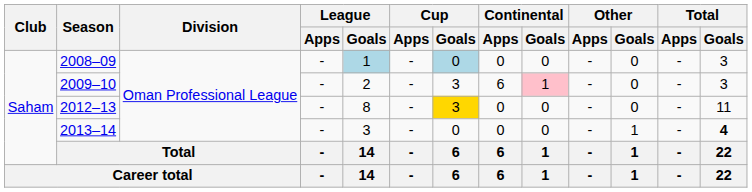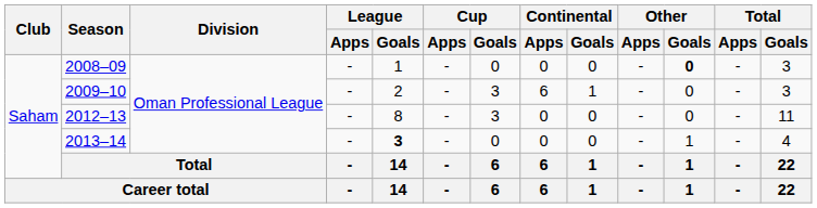 <table class="wikitable" style="text-align: center;">
 <tr>
 <th rowspan="2">Club</th>
 <th rowspan="2">Season</th>
 <th rowspan="2">Division</th>
 <th colspan="2">League</th>
 <th colspan="2">Cup</th>
 <th colspan="2">Continental</th>
 <th colspan="2">Other</th>
 <th colspan="2">Total</th>
 </tr>
 <tr>
 <th>Apps</th>
 <th>Goals</th>
 <th>Apps</th>
 <th>Goals</th>
 <th>Apps</th>
 <th>Goals</th>
 <th>Apps</th>
 <th>Goals</th>
 <th>Apps</th>
 <th>Goals</th>
 </tr>
 <tr>
 <td rowspan="5"><a href='#'>Saham</a></td>
 <td><a href='#'>2008–09</a></td>
 <td rowspan="4"><a href='#'>Oman Professional League</a></td>
 <td>-</td>
-<td style="background: lightblue;">1</td>
+<td>1</td>
 <td>-</td>
-<td style="background: lightblue;">0</td>
+<td>0</td>
 <td>0</td>
 <td>0</td>
 <td>-</td>
-<td>0</td>
+<td><strong>0</strong></td>
 <td>-</td>
 <td>3</td>
 </tr>
 <tr>
 <td><a href='#'>2009–10</a></td>
 <td>-</td>
 <td>2</td>
 <td>-</td>
 <td>3</td>
 <td>6</td>
-<td style="background: pink;">1</td>
+<td>1</td>
 <td>-</td>
 <td>0</td>
 <td>-</td>
 <td>3</td>
 </tr>
 <tr>
 <td><a href='#'>2012–13</a></td>
 <td>-</td>
 <td>8</td>
 <td>-</td>
-<td style="background: gold;">3</td>
+<td>3</td>
 <td>0</td>
 <td>0</td>
 <td>-</td>
 <td>0</td>
 <td>-</td>
 <td>11</td>
 </tr>
 <tr>
 <td><a href='#'>2013–14</a></td>
 <td>-</td>
-<td>3</td>
+<td><strong>3</strong></td>
 <td>-</td>
 <td>0</td>
 <td>0</td>
 <td>0</td>
 <td>-</td>
 <td>1</td>
 <td>-</td>
-<td><strong>4</strong></td>
+<td>4</td>
 </tr>
 <tr>
 <th colspan="2">Total</th>
 <th>-</th>
 <th>14</th>
 <th>-</th>
 <th>6</th>
 <th>6</th>
 <th>1</th>
 <th>-</th>
 <th>1</th>
 <th>-</th>
 <th>22</th>
 </tr>
 <tr>
 <th colspan="3">Career total</th>
 <th>-</th>
 <th>14</th>
 <th>-</th>
 <th>6</th>
 <th>6</th>
 <th>1</th>
 <th>-</th>
 <th>1</th>
 <th>-</th>
 <th>22</th>
 </tr>
 </table>
